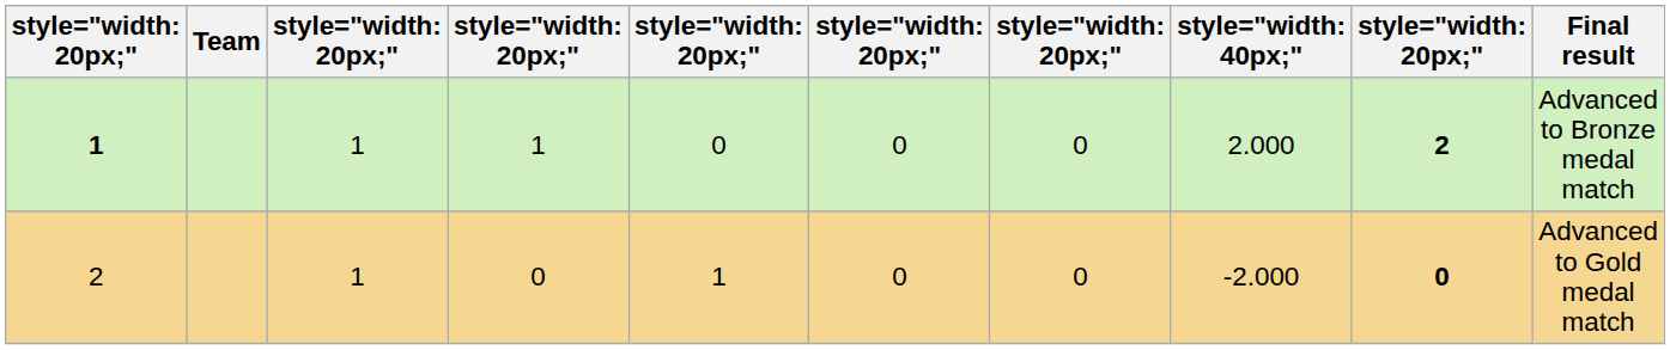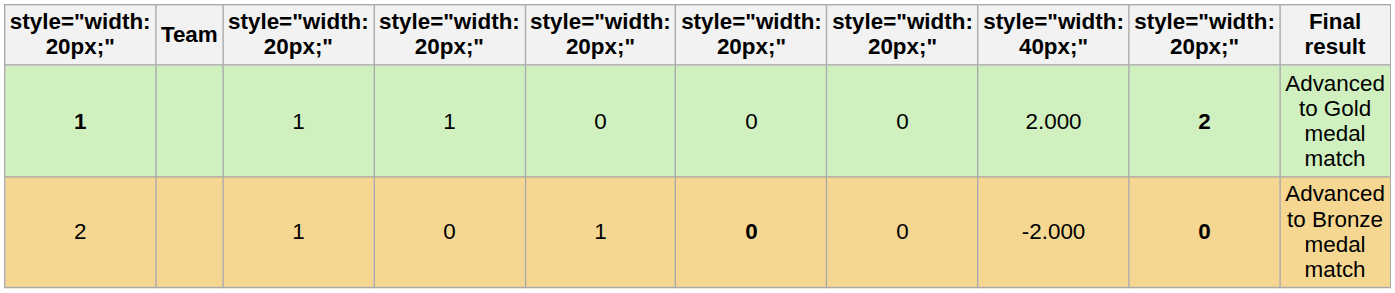 <table class="wikitable" border="1" style="text-align: center;">
 <tr>
 <th>style="width: 20px;"</th>
 <th style="width: 175px;">Team</th>
 <th>style="width: 20px;"</th>
 <th>style="width: 20px;"</th>
 <th>style="width: 20px;"</th>
 <th>style="width: 20px;"</th>
 <th>style="width: 20px;"</th>
 <th>style="width: 40px;"</th>
 <th>style="width: 20px;"</th>
 <th style="width: 230px;">Final result</th>
 </tr>
 <tr style="background:#D0F0C0;">
 <td><strong>1</strong></td>
 <td style="text-align:left"></td>
 <td>1</td>
 <td>1</td>
 <td>0</td>
 <td>0</td>
 <td>0</td>
 <td>2.000</td>
 <td><strong>2</strong></td>
-<td>Advanced to Bronze medal match</td>
+<td>Advanced to Gold medal match</td>
 </tr>
 <tr style="background:#F6D792;">
 <td>2</td>
 <td style="text-align:left"></td>
 <td>1</td>
 <td>0</td>
 <td>1</td>
-<td>0</td>
+<td><strong>0</strong></td>
 <td>0</td>
 <td>-2.000</td>
 <td><strong>0</strong></td>
-<td>Advanced to Gold medal match</td>
+<td>Advanced to Bronze medal match</td>
 </tr>
 </table>
